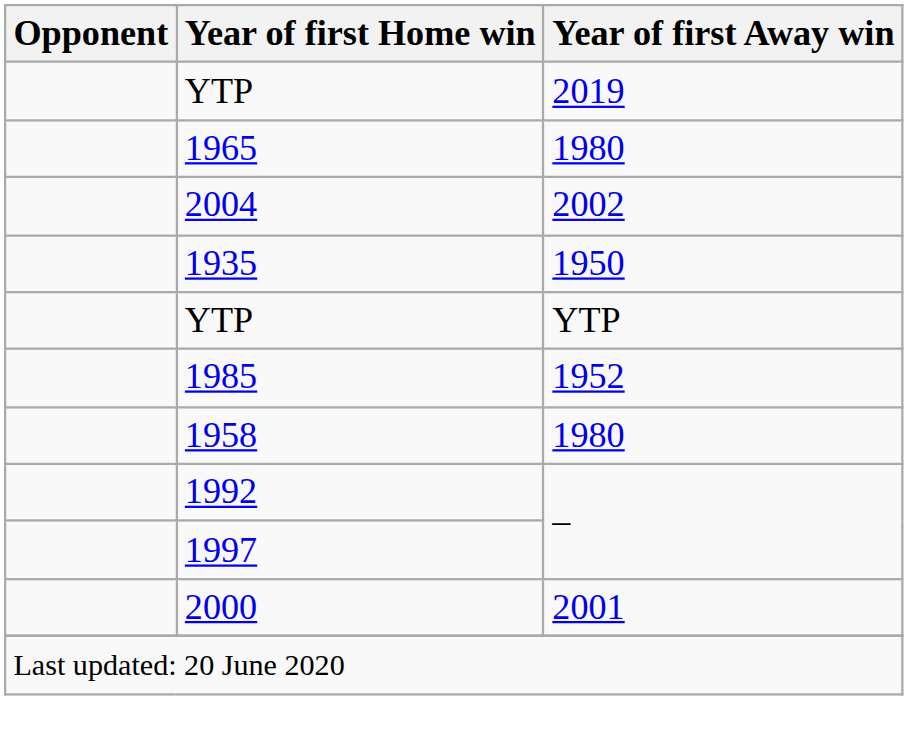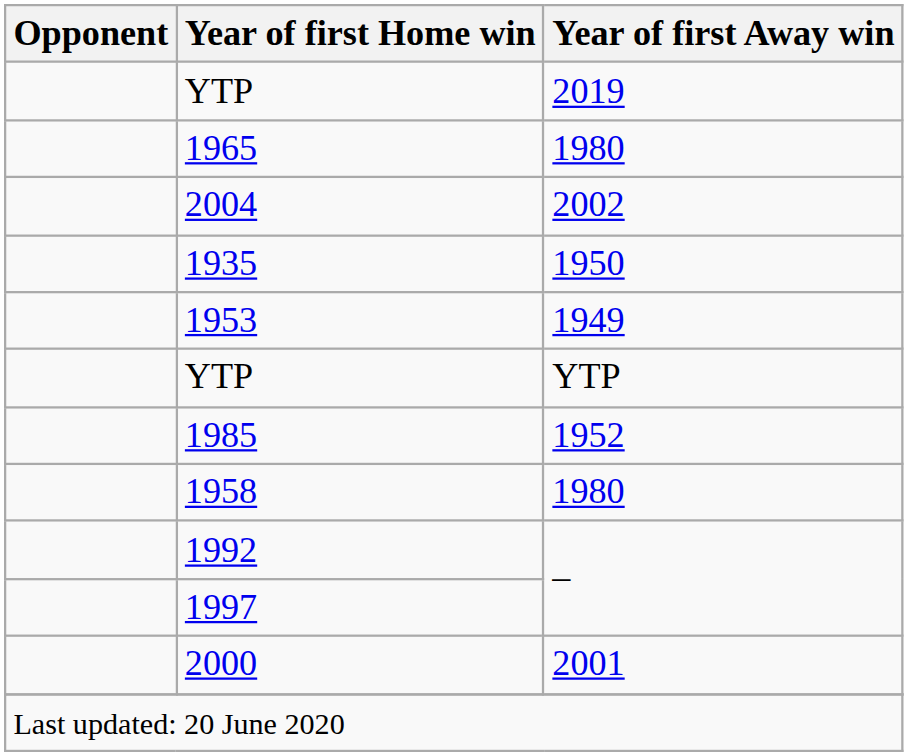 <table class="wikitable plainrowheaders sortable" style=align:center;>
 <tr>
 <th>Opponent</th>
 <th>Year of first Home win</th>
 <th>Year of first Away win</th>
 </tr>
 <tr>
 <td></td>
 <td>YTP</td>
 <td><a href='#'>2019</a></td>
 </tr>
 <tr>
 <td></td>
 <td><a href='#'>1965</a></td>
 <td><a href='#'>1980</a></td>
 </tr>
 <tr>
 <td></td>
 <td><a href='#'>2004</a></td>
 <td><a href='#'>2002</a></td>
 </tr>
 <tr>
 <td></td>
 <td><a href='#'>1935</a></td>
 <td><a href='#'>1950</a></td>
+</tr>
+<tr>
+<td></td>
+<td><a href='#'>1953</a></td>
+<td><a href='#'>1949</a></td>
 </tr>
 <tr>
 <td></td>
 <td>YTP</td>
 <td>YTP</td>
 </tr>
 <tr>
 <td></td>
 <td><a href='#'>1985</a></td>
 <td><a href='#'>1952</a></td>
 </tr>
 <tr>
 <td></td>
 <td><a href='#'>1958</a></td>
 <td><a href='#'>1980</a></td>
 </tr>
 <tr>
 <td></td>
 <td><a href='#'>1992</a></td>
 <td rowspan=2>–</td>
 </tr>
 <tr>
 <td></td>
 <td><a href='#'>1997</a></td>
 </tr>
 <tr>
 <td></td>
 <td><a href='#'>2000</a></td>
 <td><a href='#'>2001</a></td>
 </tr>
 <tr>
 </tr>
 <tr class=sortbottom>
 <td colspan=3><small>Last updated: 20 June 2020</small></td>
 </tr>
 </table>
